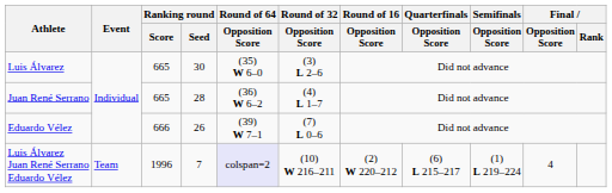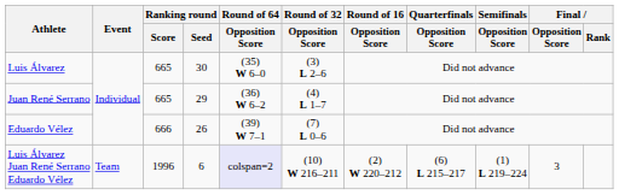 <table class="wikitable" style="font-size:90%">
 <tr>
 <th rowspan="2">Athlete</th>
 <th rowspan="2">Event</th>
 <th colspan="2">Ranking round</th>
 <th>Round of 64</th>
 <th>Round of 32</th>
 <th>Round of 16</th>
 <th>Quarterfinals</th>
 <th>Semifinals</th>
 <th colspan="2">Final / </th>
 </tr>
 <tr style="font-size:95%">
 <th>Score</th>
 <th>Seed</th>
 <th>Opposition<br>Score</th>
 <th>Opposition<br>Score</th>
 <th>Opposition<br>Score</th>
 <th>Opposition<br>Score</th>
 <th>Opposition<br>Score</th>
 <th>Opposition<br>Score</th>
 <th>Rank</th>
 </tr>
 <tr align=center>
 <td align=left><a href='#'>Luis Álvarez</a></td>
 <td align=left rowspan=3><a href='#'>Individual</a></td>
 <td>665</td>
 <td>30</td>
 <td> (35)<br><strong>W</strong> 6–0</td>
 <td> (3)<br><strong>L</strong> 2–6</td>
 <td colspan=5>Did not advance</td>
 </tr>
 <tr align=center>
 <td align=left><a href='#'>Juan René Serrano</a></td>
 <td>665</td>
-<td>28</td>
+<td>29</td>
 <td> (36)<br><strong>W</strong> 6–2</td>
 <td> (4)<br><strong>L</strong> 1–7</td>
 <td colspan=5>Did not advance</td>
 </tr>
 <tr align=center>
 <td align=left><a href='#'>Eduardo Vélez</a></td>
 <td>666</td>
 <td>26</td>
 <td> (39)<br><strong>W</strong> 7–1</td>
 <td> (7)<br><strong>L</strong> 0–6</td>
 <td colspan=5>Did not advance</td>
 </tr>
 <tr align=center>
 <td align=left><a href='#'>Luis Álvarez</a><br><a href='#'>Juan René Serrano</a><br><a href='#'>Eduardo Vélez</a></td>
 <td align=left><a href='#'>Team</a></td>
 <td>1996</td>
-<td>7</td>
+<td>6</td>
 <td style="background: lavender;">colspan=2 </td>
 <td> (10)<br><strong>W</strong> 216–211</td>
 <td> (2)<br><strong>W</strong> 220–212</td>
 <td> (6)<br><strong>L</strong> 215–217</td>
 <td> (1)<br><strong>L</strong> 219–224</td>
-<td>4</td>
+<td>3</td>
 </tr>
 </table>
